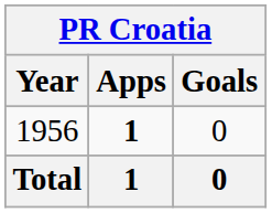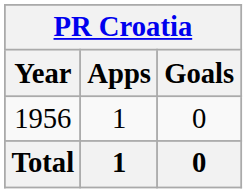 <table class="wikitable" style="text-align:center">
 <tr>
 <th colspan=3><a href='#'>PR Croatia</a></th>
 </tr>
 <tr>
 <th>Year</th>
 <th>Apps</th>
 <th>Goals</th>
 </tr>
 <tr>
 <td>1956</td>
-<td><strong>1</strong></td>
+<td>1</td>
 <td>0</td>
 </tr>
 <tr>
 <th>Total</th>
 <th>1</th>
 <th>0</th>
 </tr>
 </table>
